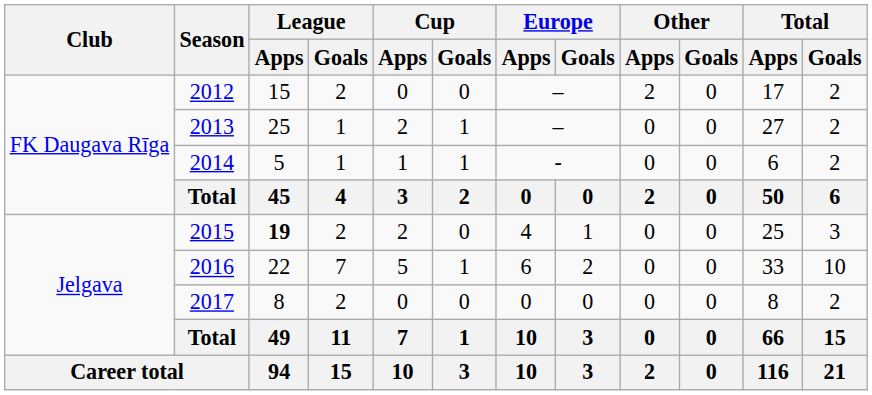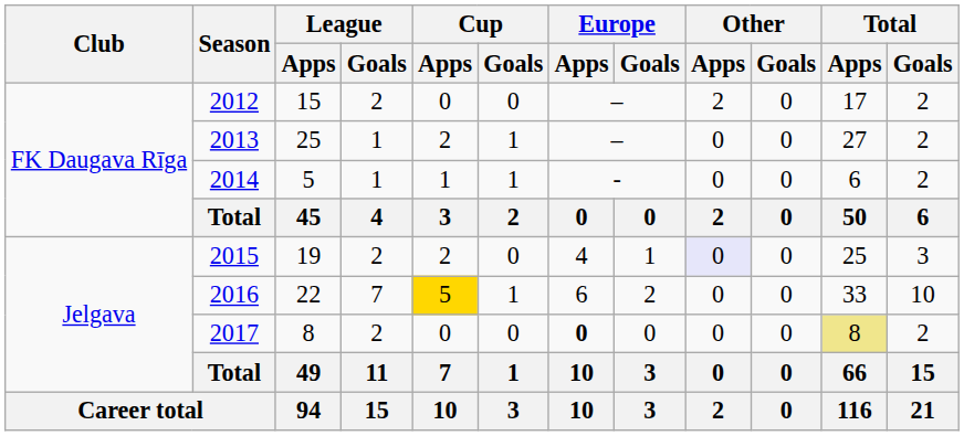 <table class="wikitable" style="text-align: center">
 <tr>
 <th rowspan="2">Club</th>
 <th rowspan="2">Season</th>
 <th colspan="2">League</th>
 <th colspan="2">Cup</th>
 <th colspan="2"><a href='#'>Europe</a></th>
 <th colspan="2">Other</th>
 <th colspan="2">Total</th>
 </tr>
 <tr>
 <th>Apps</th>
 <th>Goals</th>
 <th>Apps</th>
 <th>Goals</th>
 <th>Apps</th>
 <th>Goals</th>
 <th>Apps</th>
 <th>Goals</th>
 <th>Apps</th>
 <th>Goals</th>
 </tr>
 <tr>
 <td rowspan="4"><a href='#'>FK Daugava Rīga</a></td>
 <td><a href='#'>2012</a></td>
 <td>15</td>
 <td>2</td>
 <td>0</td>
 <td>0</td>
 <td colspan=2>–</td>
 <td>2</td>
 <td 0>0</td>
 <td>17</td>
 <td>2</td>
 </tr>
 <tr>
 <td><a href='#'>2013</a></td>
 <td>25</td>
 <td>1</td>
 <td>2</td>
 <td>1</td>
 <td colspan=2>–</td>
 <td>0</td>
 <td 0>0</td>
 <td>27</td>
 <td>2</td>
 </tr>
 <tr>
 <td><a href='#'>2014</a></td>
 <td>5</td>
 <td>1</td>
 <td>1</td>
 <td>1</td>
 <td colspan=2>-</td>
 <td>0</td>
 <td 0>0</td>
 <td>6</td>
 <td>2</td>
 </tr>
 <tr>
 <th>Total</th>
 <th>45</th>
 <th>4</th>
 <th>3</th>
 <th>2</th>
 <th>0</th>
 <th>0</th>
 <th>2</th>
 <th>0</th>
 <th>50</th>
 <th>6</th>
 </tr>
 <tr>
 <td rowspan="4"><a href='#'>Jelgava</a></td>
 <td><a href='#'>2015</a></td>
-<td><strong>19</strong></td>
+<td>19</td>
 <td>2</td>
 <td>2</td>
 <td>0</td>
 <td>4</td>
 <td>1</td>
-<td>0</td>
+<td style="background: lavender;">0</td>
 <td 0>0</td>
 <td>25</td>
 <td>3</td>
 </tr>
 <tr>
 <td><a href='#'>2016</a></td>
 <td>22</td>
 <td>7</td>
-<td>5</td>
+<td style="background: gold;">5</td>
 <td>1</td>
 <td>6</td>
 <td>2</td>
 <td>0</td>
 <td 0>0</td>
 <td>33</td>
 <td>10</td>
 </tr>
 <tr>
 <td><a href='#'>2017</a></td>
 <td>8</td>
 <td>2</td>
 <td>0</td>
 <td>0</td>
-<td>0</td>
+<td><strong>0</strong></td>
 <td>0</td>
 <td>0</td>
 <td 0>0</td>
-<td>8</td>
+<td style="background: khaki;">8</td>
 <td>2</td>
 </tr>
 <tr>
 <th>Total</th>
 <th>49</th>
 <th>11</th>
 <th>7</th>
 <th>1</th>
 <th>10</th>
 <th>3</th>
 <th>0</th>
 <th>0</th>
 <th>66</th>
 <th>15</th>
 </tr>
 <tr>
 <th colspan=2>Career total</th>
 <th>94</th>
 <th>15</th>
 <th>10</th>
 <th>3</th>
 <th>10</th>
 <th>3</th>
 <th>2</th>
 <th>0</th>
 <th>116</th>
 <th>21</th>
 </tr>
 </table>
